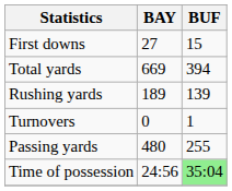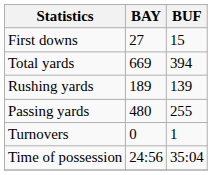 <table class="wikitable">
 <tr>
 <th>Statistics</th>
 <th>BAY</th>
 <th>BUF</th>
 </tr>
 <tr>
 <td>First downs</td>
 <td>27</td>
 <td>15</td>
 </tr>
 <tr>
 <td>Total yards</td>
 <td>669</td>
 <td>394</td>
 </tr>
 <tr>
 <td>Rushing yards</td>
 <td>189</td>
 <td>139</td>
 </tr>
 <tr>
+<td>Passing yards</td>
+<td>480</td>
+<td>255</td>
+</tr>
+<tr>
 <td>Turnovers</td>
 <td>0</td>
 <td>1</td>
 </tr>
 <tr>
-<td>Passing yards</td>
-<td>480</td>
-<td>255</td>
-</tr>
-<tr>
 <td>Time of possession</td>
 <td>24:56</td>
-<td style="background: lightgreen;">35:04</td>
+<td>35:04</td>
 </tr>
 <tr>
 </tr>
 </table>
